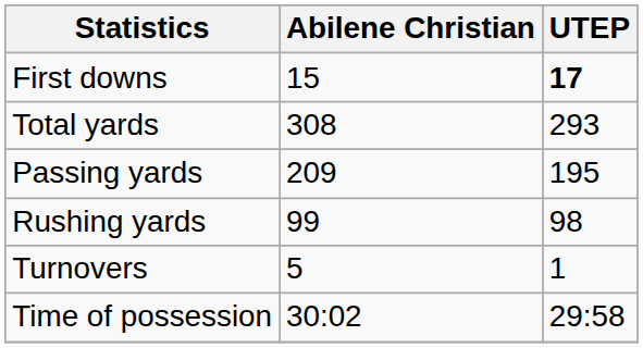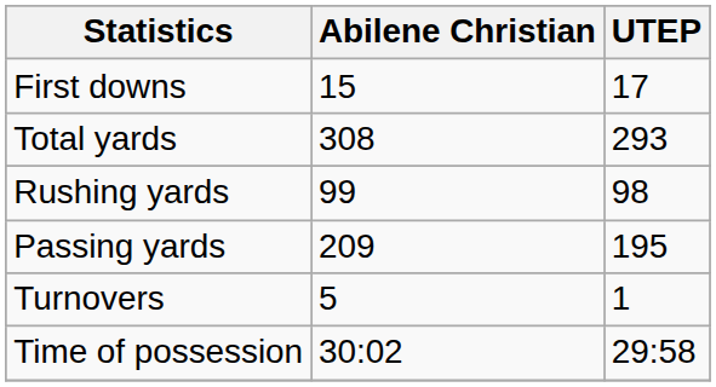 <table class="wikitable">
 <tr>
 <th>Statistics</th>
 <th>Abilene Christian</th>
 <th>UTEP</th>
 </tr>
 <tr>
 <td>First downs</td>
 <td>15</td>
-<td><strong>17</strong></td>
+<td>17</td>
 </tr>
 <tr>
 <td>Total yards</td>
 <td>308</td>
 <td>293</td>
 </tr>
 <tr>
+<td>Rushing yards</td>
+<td>99</td>
+<td>98</td>
+</tr>
+<tr>
 <td>Passing yards</td>
 <td>209</td>
 <td>195</td>
-</tr>
-<tr>
-<td>Rushing yards</td>
-<td>99</td>
-<td>98</td>
 </tr>
 <tr>
 <td>Turnovers</td>
 <td>5</td>
 <td>1</td>
 </tr>
 <tr>
 <td>Time of possession</td>
 <td>30:02</td>
 <td>29:58</td>
 </tr>
 <tr>
 </tr>
 </table>
